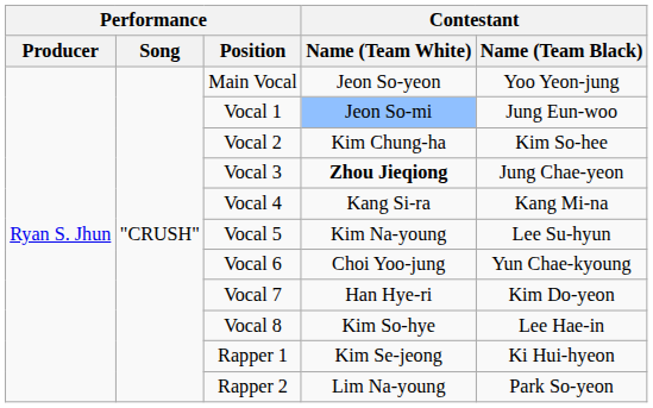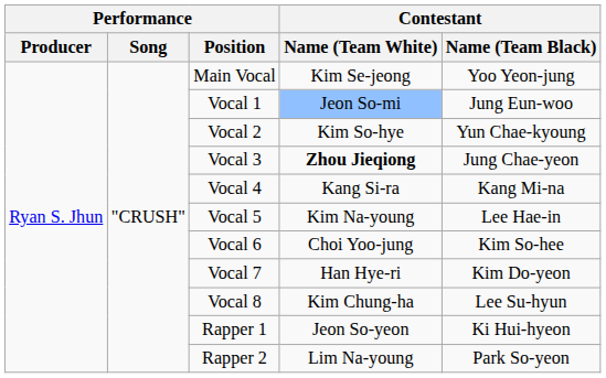 <table class="wikitable sortable collapsible" style="text-align:center">
 <tr>
 <th scope="col" colspan="3">Performance</th>
 <th scope="col" colspan="4">Contestant</th>
 </tr>
 <tr>
 <th scope="col" class="unsortable">Producer</th>
 <th scope="col" class="unsortable">Song</th>
 <th scope="col">Position</th>
 <th scope="col">Name (Team White)</th>
 <th scope="col">Name (Team Black)</th>
 </tr>
 <tr>
 <td rowspan="11"><a href='#'>Ryan S. Jhun</a></td>
 <td rowspan="11">"CRUSH"</td>
 <td>Main Vocal</td>
-<td>Jeon So-yeon</td>
+<td>Kim Se-jeong</td>
 <td>Yoo Yeon-jung</td>
 </tr>
 <tr>
 <td>Vocal 1</td>
 <td style="background:#90C0FF">Jeon So-mi</td>
 <td>Jung Eun-woo</td>
 </tr>
 <tr>
 <td>Vocal 2</td>
-<td>Kim Chung-ha</td>
-<td>Kim So-hee</td>
+<td>Kim So-hye</td>
+<td>Yun Chae-kyoung</td>
 </tr>
 <tr>
 <td>Vocal 3</td>
 <td><strong>Zhou Jieqiong</strong></td>
 <td>Jung Chae-yeon</td>
 </tr>
 <tr>
 <td>Vocal 4</td>
 <td>Kang Si-ra</td>
 <td>Kang Mi-na</td>
 </tr>
 <tr>
 <td>Vocal 5</td>
 <td>Kim Na-young</td>
-<td>Lee Su-hyun</td>
+<td>Lee Hae-in</td>
 </tr>
 <tr>
 <td>Vocal 6</td>
 <td>Choi Yoo-jung</td>
-<td>Yun Chae-kyoung</td>
+<td>Kim So-hee</td>
 </tr>
 <tr>
 <td>Vocal 7</td>
 <td>Han Hye-ri</td>
 <td>Kim Do-yeon</td>
 </tr>
 <tr>
 <td>Vocal 8</td>
-<td>Kim So-hye</td>
-<td>Lee Hae-in</td>
+<td>Kim Chung-ha</td>
+<td>Lee Su-hyun</td>
 </tr>
 <tr>
 <td>Rapper 1</td>
-<td>Kim Se-jeong</td>
+<td>Jeon So-yeon</td>
 <td>Ki Hui-hyeon</td>
 </tr>
 <tr>
 <td>Rapper 2</td>
 <td>Lim Na-young</td>
 <td>Park So-yeon</td>
 </tr>
 </table>
